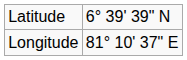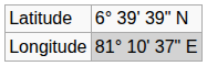 <table class="wikitable">
 <tr>
 <td>Latitude</td>
 <td>6° 39' 39" N</td>
 </tr>
 <tr>
 <td>Longitude</td>
-<td>81° 10' 37" E</td>
+<td style="background: lightgrey;">81° 10' 37" E</td>
 </tr>
 </table>
